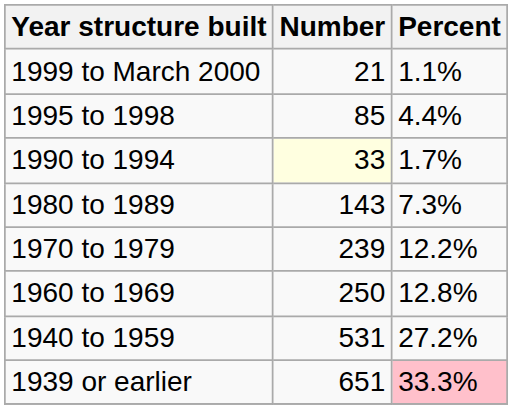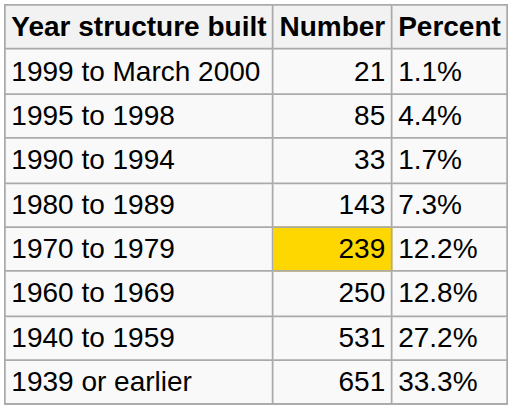 <table class=wikitable>
 <tr>
 <th>Year structure built</th>
 <th>Number</th>
 <th>Percent</th>
 </tr>
 <tr>
 <td>1999 to March 2000</td>
 <td align=right>21</td>
 <td>1.1%</td>
 </tr>
 <tr>
 <td>1995 to 1998</td>
 <td align=right>85</td>
 <td>4.4%</td>
 </tr>
 <tr>
 <td>1990 to 1994</td>
-<td align=right style="background: lightyellow;">33</td>
+<td align=right>33</td>
 <td>1.7%</td>
 </tr>
 <tr>
 <td>1980 to 1989</td>
 <td align=right>143</td>
 <td>7.3%</td>
 </tr>
 <tr>
 <td>1970 to 1979</td>
-<td align=right>239</td>
+<td align=right style="background: gold;">239</td>
 <td>12.2%</td>
 </tr>
 <tr>
 <td>1960 to 1969</td>
 <td align=right>250</td>
 <td>12.8%</td>
 </tr>
 <tr>
 <td>1940 to 1959</td>
 <td align=right>531</td>
 <td>27.2%</td>
 </tr>
 <tr>
 <td>1939 or earlier</td>
 <td align=right>651</td>
-<td style="background: pink;">33.3%</td>
+<td>33.3%</td>
 </tr>
 <tr>
 </tr>
 </table>
